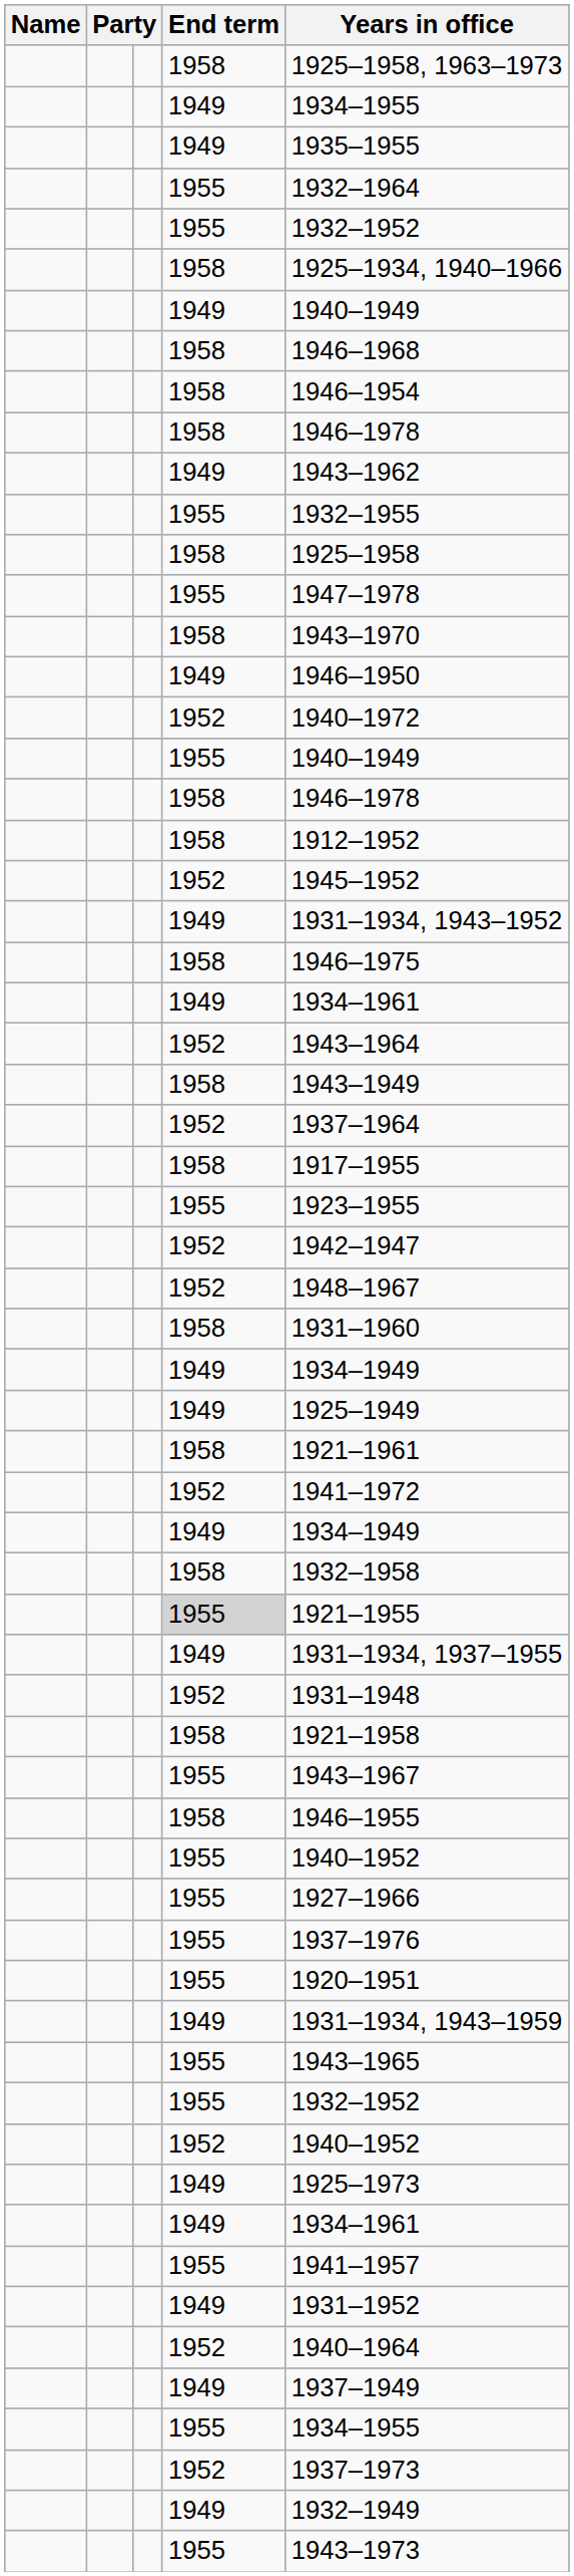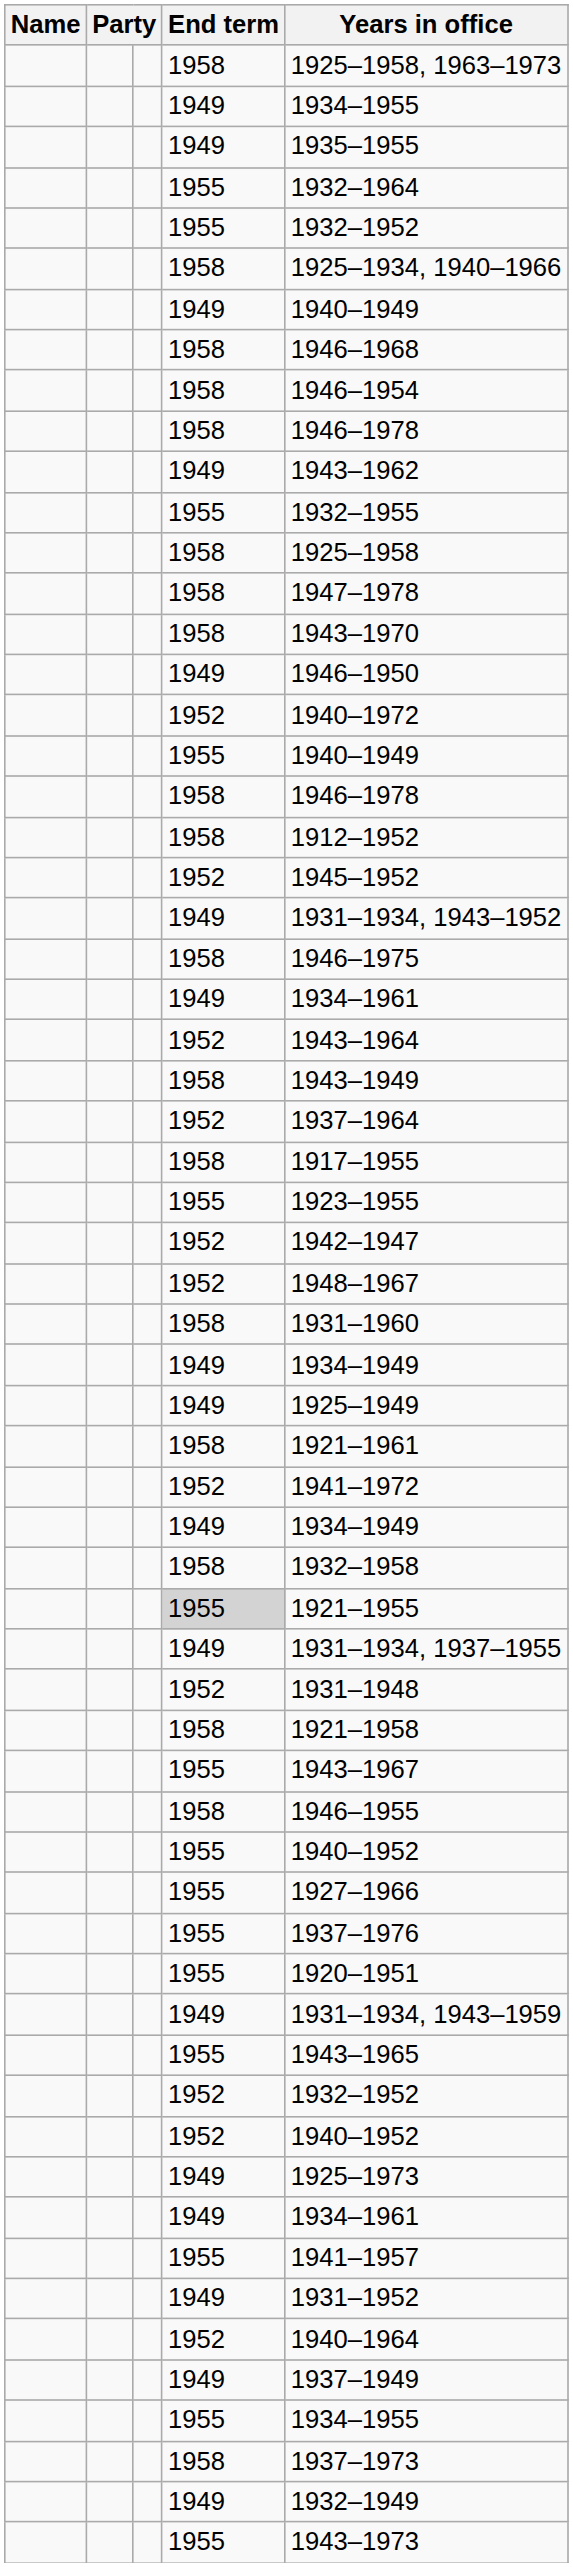 <table class="wikitable sortable">
 <tr>
 <th>Name</th>
 <th colspan=2>Party</th>
 <th>End term</th>
 <th>Years in office</th>
 </tr>
 <tr>
 <td></td>
 <td> </td>
 <td></td>
 <td>1958</td>
 <td>1925–1958, 1963–1973</td>
 </tr>
 <tr>
 <td></td>
 <td> </td>
 <td></td>
 <td>1949</td>
 <td>1934–1955</td>
 </tr>
 <tr>
 <td></td>
 <td> </td>
 <td></td>
 <td>1949</td>
 <td>1935–1955</td>
 </tr>
 <tr>
 <td></td>
 <td> </td>
 <td></td>
 <td>1955</td>
 <td>1932–1964</td>
 </tr>
 <tr>
 <td></td>
 <td> </td>
 <td></td>
 <td>1955</td>
 <td>1932–1952</td>
 </tr>
 <tr>
 <td></td>
 <td> </td>
 <td></td>
 <td>1958</td>
 <td>1925–1934, 1940–1966</td>
 </tr>
 <tr>
 <td></td>
 <td> </td>
 <td></td>
 <td>1949</td>
 <td>1940–1949</td>
 </tr>
 <tr>
 <td></td>
 <td> </td>
 <td></td>
 <td>1958</td>
 <td>1946–1968</td>
 </tr>
 <tr>
 <td></td>
 <td> </td>
 <td></td>
 <td>1958</td>
 <td>1946–1954</td>
 </tr>
 <tr>
 <td></td>
 <td> </td>
 <td></td>
 <td>1958</td>
 <td>1946–1978</td>
 </tr>
 <tr>
 <td></td>
 <td> </td>
 <td></td>
 <td>1949</td>
 <td>1943–1962</td>
 </tr>
 <tr>
 <td></td>
 <td> </td>
 <td></td>
 <td>1955</td>
 <td>1932–1955</td>
 </tr>
 <tr>
 <td></td>
 <td> </td>
 <td></td>
 <td>1958</td>
 <td>1925–1958</td>
 </tr>
 <tr>
 <td></td>
 <td> </td>
 <td></td>
-<td>1955</td>
+<td>1958</td>
 <td>1947–1978</td>
 </tr>
 <tr>
 <td></td>
 <td> </td>
 <td></td>
 <td>1958</td>
 <td>1943–1970</td>
 </tr>
 <tr>
 <td></td>
 <td> </td>
 <td></td>
 <td>1949</td>
 <td>1946–1950</td>
 </tr>
 <tr>
 <td></td>
 <td> </td>
 <td></td>
 <td>1952</td>
 <td>1940–1972</td>
 </tr>
 <tr>
 <td></td>
 <td> </td>
 <td></td>
 <td>1955</td>
 <td>1940–1949</td>
 </tr>
 <tr>
 <td></td>
 <td> </td>
 <td></td>
 <td>1958</td>
 <td>1946–1978</td>
 </tr>
 <tr>
 <td></td>
 <td> </td>
 <td></td>
 <td>1958</td>
 <td>1912–1952</td>
 </tr>
 <tr>
 <td></td>
 <td> </td>
 <td></td>
 <td>1952</td>
 <td>1945–1952</td>
 </tr>
 <tr>
 <td></td>
 <td> </td>
 <td></td>
 <td>1949</td>
 <td>1931–1934, 1943–1952</td>
 </tr>
 <tr>
 <td></td>
 <td> </td>
 <td></td>
 <td>1958</td>
 <td>1946–1975</td>
 </tr>
 <tr>
 <td></td>
 <td> </td>
 <td></td>
 <td>1949</td>
 <td>1934–1961</td>
 </tr>
 <tr>
 <td></td>
 <td> </td>
 <td></td>
 <td>1952</td>
 <td>1943–1964</td>
 </tr>
 <tr>
 <td></td>
 <td> </td>
 <td></td>
 <td>1958</td>
 <td>1943–1949</td>
 </tr>
 <tr>
 <td></td>
 <td> </td>
 <td></td>
 <td>1952</td>
 <td>1937–1964</td>
 </tr>
 <tr>
 <td></td>
 <td> </td>
 <td></td>
 <td>1958</td>
 <td>1917–1955</td>
 </tr>
 <tr>
 <td></td>
 <td> </td>
 <td></td>
 <td>1955</td>
 <td>1923–1955</td>
 </tr>
 <tr>
 <td></td>
 <td> </td>
 <td></td>
 <td>1952</td>
 <td>1942–1947</td>
 </tr>
 <tr>
 <td></td>
 <td> </td>
 <td></td>
 <td>1952</td>
 <td>1948–1967</td>
 </tr>
 <tr>
 <td></td>
 <td> </td>
 <td></td>
 <td>1958</td>
 <td>1931–1960</td>
 </tr>
 <tr>
 <td></td>
 <td> </td>
 <td></td>
 <td>1949</td>
 <td>1934–1949</td>
 </tr>
 <tr>
 <td></td>
 <td> </td>
 <td></td>
 <td>1949</td>
 <td>1925–1949</td>
 </tr>
 <tr>
 <td></td>
 <td> </td>
 <td></td>
 <td>1958</td>
 <td>1921–1961</td>
 </tr>
 <tr>
 <td></td>
 <td> </td>
 <td></td>
 <td>1952</td>
 <td>1941–1972</td>
 </tr>
 <tr>
 <td></td>
 <td> </td>
 <td></td>
 <td>1949</td>
 <td>1934–1949</td>
 </tr>
 <tr>
 <td></td>
 <td> </td>
 <td></td>
 <td>1958</td>
 <td>1932–1958</td>
 </tr>
 <tr>
 <td></td>
 <td> </td>
 <td></td>
 <td style="background: lightgrey;">1955</td>
 <td>1921–1955</td>
 </tr>
 <tr>
 <td></td>
 <td> </td>
 <td></td>
 <td>1949</td>
 <td>1931–1934, 1937–1955</td>
 </tr>
 <tr>
 <td></td>
 <td> </td>
 <td></td>
 <td>1952</td>
 <td>1931–1948</td>
 </tr>
 <tr>
 <td></td>
 <td> </td>
 <td></td>
 <td>1958</td>
 <td>1921–1958</td>
 </tr>
 <tr>
 <td></td>
 <td> </td>
 <td></td>
 <td>1955</td>
 <td>1943–1967</td>
 </tr>
 <tr>
 <td></td>
 <td> </td>
 <td></td>
 <td>1958</td>
 <td>1946–1955</td>
 </tr>
 <tr>
 <td></td>
 <td> </td>
 <td></td>
 <td>1955</td>
 <td>1940–1952</td>
 </tr>
 <tr>
 <td></td>
 <td> </td>
 <td></td>
 <td>1955</td>
 <td>1927–1966</td>
 </tr>
 <tr>
 <td></td>
 <td> </td>
 <td></td>
 <td>1955</td>
 <td>1937–1976</td>
 </tr>
 <tr>
 <td></td>
 <td> </td>
 <td></td>
 <td>1955</td>
 <td>1920–1951</td>
 </tr>
 <tr>
 <td></td>
 <td> </td>
 <td></td>
 <td>1949</td>
 <td>1931–1934, 1943–1959</td>
 </tr>
 <tr>
 <td></td>
 <td> </td>
 <td></td>
 <td>1955</td>
 <td>1943–1965</td>
 </tr>
 <tr>
 <td></td>
 <td> </td>
 <td></td>
-<td>1955</td>
+<td>1952</td>
 <td>1932–1952</td>
 </tr>
 <tr>
 <td></td>
 <td> </td>
 <td></td>
 <td>1952</td>
 <td>1940–1952</td>
 </tr>
 <tr>
 <td></td>
 <td> </td>
 <td></td>
 <td>1949</td>
 <td>1925–1973</td>
 </tr>
 <tr>
 <td></td>
 <td> </td>
 <td></td>
 <td>1949</td>
 <td>1934–1961</td>
 </tr>
 <tr>
 <td></td>
 <td> </td>
 <td></td>
 <td>1955</td>
 <td>1941–1957</td>
 </tr>
 <tr>
 <td></td>
 <td> </td>
 <td></td>
 <td>1949</td>
 <td>1931–1952</td>
 </tr>
 <tr>
 <td></td>
 <td> </td>
 <td></td>
 <td>1952</td>
 <td>1940–1964</td>
 </tr>
 <tr>
 <td></td>
 <td> </td>
 <td></td>
 <td>1949</td>
 <td>1937–1949</td>
 </tr>
 <tr>
 <td></td>
 <td> </td>
 <td></td>
 <td>1955</td>
 <td>1934–1955</td>
 </tr>
 <tr>
 <td></td>
 <td> </td>
 <td></td>
-<td>1952</td>
+<td>1958</td>
 <td>1937–1973</td>
 </tr>
 <tr>
 <td></td>
 <td> </td>
 <td></td>
 <td>1949</td>
 <td>1932–1949</td>
 </tr>
 <tr>
 <td></td>
 <td> </td>
 <td></td>
 <td>1955</td>
 <td>1943–1973</td>
 </tr>
 </table>
